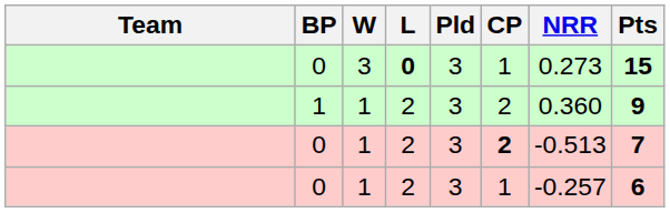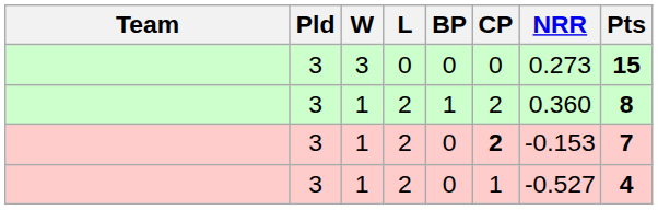 <table class="wikitable" style="text-align:center">
 <tr>
 <th width=175>Team</th>
-<th width=20 abbr="Bonus points">BP</th>
+<th width=20 abbr="Played">Pld</th>
 <th width=20 abbr="Won">W</th>
 <th width=20 abbr="Lost">L</th>
-<th width=20 abbr="Played">Pld</th>
+<th width=20 abbr="Bonus points">BP</th>
 <th width=20 abbr="Consolation Points">CP</th>
 <th width=20 abbr="Net run rate"><a href='#'>NRR</a></th>
 <th width=20 abbr="Points">Pts</th>
 </tr>
 <tr bgcolor="#ccffcc">
 <td align="left"></td>
+<td>3</td>
+<td>3</td>
 <td>0</td>
-<td>3</td>
-<td><strong>0</strong></td>
-<td>3</td>
-<td>1</td>
+<td>0</td>
+<td>0</td>
 <td>0.273</td>
 <td><strong>15</strong></td>
 </tr>
 <tr bgcolor="#ccffcc">
 <td align="left"></td>
-<td>1</td>
+<td>3</td>
 <td>1</td>
 <td>2</td>
-<td>3</td>
+<td>1</td>
 <td>2</td>
 <td>0.360</td>
-<td><strong>9</strong></td>
+<td><strong>8</strong></td>
 </tr>
 <tr bgcolor="#ffcccc">
 <td align="left"></td>
-<td>0</td>
+<td>3</td>
 <td>1</td>
 <td>2</td>
-<td>3</td>
+<td>0</td>
 <td><strong>2</strong></td>
-<td>-0.513</td>
+<td>-0.153</td>
 <td><strong>7</strong></td>
 </tr>
 <tr bgcolor="#ffcccc">
 <td align="left"></td>
+<td>3</td>
+<td>1</td>
+<td>2</td>
 <td>0</td>
 <td>1</td>
-<td>2</td>
-<td>3</td>
-<td>1</td>
-<td>-0.257</td>
-<td><strong>6</strong></td>
+<td>-0.527</td>
+<td><strong>4</strong></td>
 </tr>
 </table>
